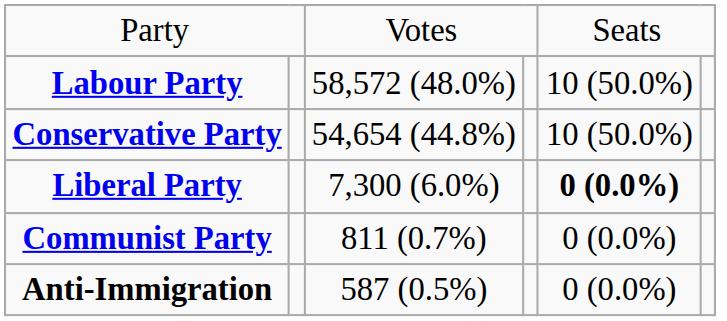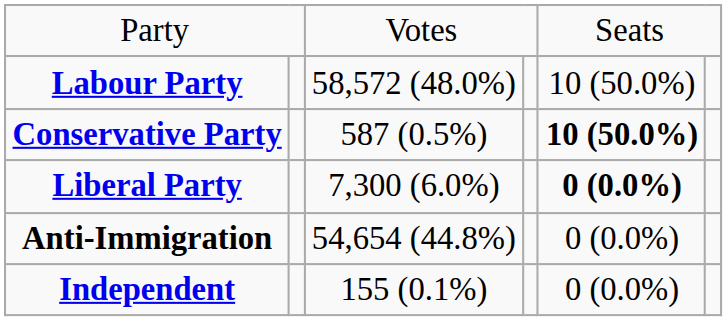 <table class=wikitable style="text-align:center;">
 <tr>
 <td colspan=2>Party</td>
 <td colspan=2>Votes</td>
 <td colspan=2>Seats</td>
 </tr>
 <tr>
 <td><strong><a href='#'>Labour Party</a></strong></td>
 <td style="background:"></td>
 <td>58,572 (48.0%)</td>
 <td></td>
 <td>10 (50.0%)</td>
 <td></td>
 </tr>
 <tr>
 <td><strong><a href='#'>Conservative Party</a></strong></td>
 <td style="background:"></td>
-<td>54,654 (44.8%)</td>
+<td>587 (0.5%)</td>
 <td></td>
-<td>10 (50.0%)</td>
+<td><strong>10 (50.0%)</strong></td>
 <td></td>
 </tr>
 <tr>
 <td><strong><a href='#'>Liberal Party</a></strong></td>
 <td style="background:"></td>
 <td>7,300 (6.0%)</td>
 <td></td>
 <td><strong>0 (0.0%)</strong></td>
 <td></td>
 </tr>
 <tr>
-<td><strong><a href='#'>Communist Party</a></strong></td>
+<td><strong>Anti-Immigration</strong></td>
 <td style="background:"></td>
-<td>811 (0.7%)</td>
+<td>54,654 (44.8%)</td>
 <td></td>
 <td>0 (0.0%)</td>
 <td></td>
 </tr>
 <tr>
-<td><strong>Anti-Immigration</strong></td>
+<td><strong><a href='#'>Independent</a></strong></td>
 <td style="background:"></td>
-<td>587 (0.5%)</td>
+<td>155 (0.1%)</td>
 <td></td>
 <td>0 (0.0%)</td>
 <td></td>
 </tr>
 </table>
